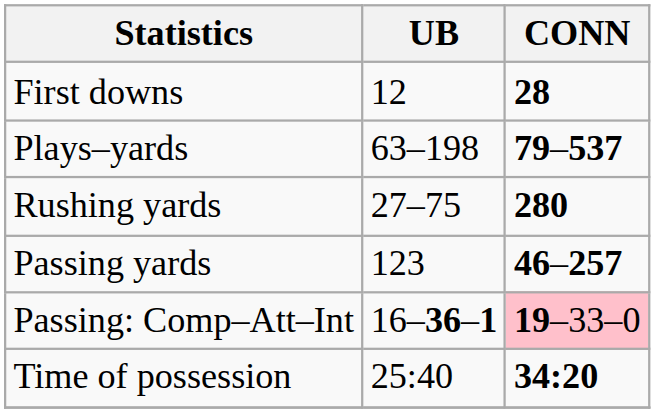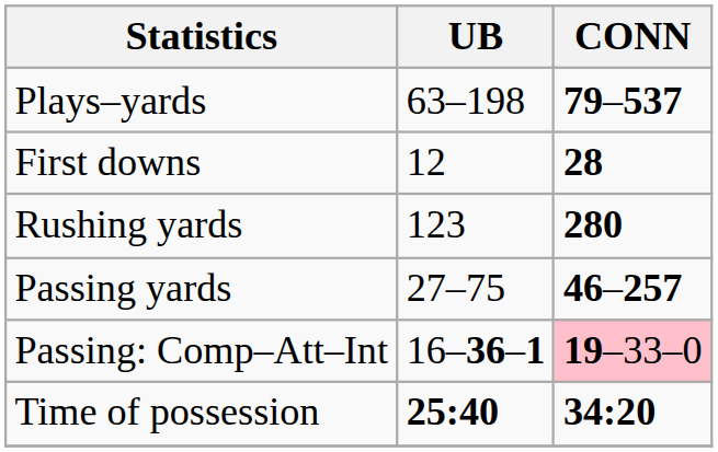 <table class="wikitable" style="float: left;">
 <tr>
 <th>Statistics</th>
 <th>UB</th>
 <th>CONN</th>
 </tr>
 <tr>
+<td>Plays–yards</td>
+<td>63–198</td>
+<td><strong>79</strong>–<strong>537</strong></td>
+</tr>
+<tr>
 <td>First downs</td>
 <td>12</td>
 <td><strong>28</strong></td>
 </tr>
 <tr>
-<td>Plays–yards</td>
-<td>63–198</td>
-<td><strong>79</strong>–<strong>537</strong></td>
-</tr>
-<tr>
 <td>Rushing yards</td>
-<td>27–75</td>
+<td>123</td>
 <td><strong>280</strong></td>
 </tr>
 <tr>
 <td>Passing yards</td>
-<td>123</td>
+<td>27–75</td>
 <td><strong>46</strong>–<strong>257</strong></td>
 </tr>
 <tr>
 <td>Passing: Comp–Att–Int</td>
 <td>16–<strong>36</strong>–<strong>1</strong></td>
 <td style="background: pink;"><strong>19</strong>–33–0</td>
 </tr>
 <tr>
 <td>Time of possession</td>
-<td>25:40</td>
+<td><strong>25:40</strong></td>
 <td><strong>34:20</strong></td>
 </tr>
 <tr>
 </tr>
 </table>
